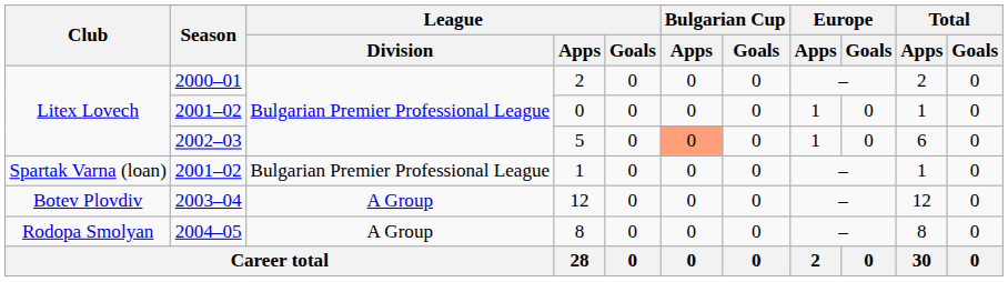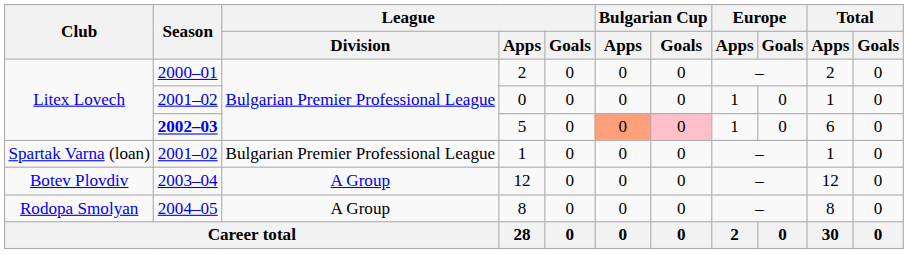 <table class="wikitable" style="text-align:center">
 <tr>
 <th rowspan="2">Club</th>
 <th rowspan="2">Season</th>
 <th colspan="3">League</th>
 <th colspan="2">Bulgarian Cup</th>
 <th colspan="2">Europe</th>
 <th colspan="2">Total</th>
 </tr>
 <tr>
 <th>Division</th>
 <th>Apps</th>
 <th>Goals</th>
 <th>Apps</th>
 <th>Goals</th>
 <th>Apps</th>
 <th>Goals</th>
 <th>Apps</th>
 <th>Goals</th>
 </tr>
 <tr>
 <td rowspan="3"><a href='#'>Litex Lovech</a></td>
 <td><a href='#'>2000–01</a></td>
 <td rowspan="3"><a href='#'>Bulgarian Premier Professional League</a></td>
 <td>2</td>
 <td>0</td>
 <td>0</td>
 <td>0</td>
 <td colspan="2">–</td>
 <td>2</td>
 <td>0</td>
 </tr>
 <tr>
 <td><a href='#'>2001–02</a></td>
 <td>0</td>
 <td>0</td>
 <td>0</td>
 <td>0</td>
 <td>1</td>
 <td>0</td>
 <td>1</td>
 <td>0</td>
 </tr>
 <tr>
-<td><a href='#'>2002–03</a></td>
+<td><strong><a href='#'>2002–03</a></strong></td>
 <td>5</td>
 <td>0</td>
 <td style="background: lightsalmon;">0</td>
-<td>0</td>
+<td style="background: pink;">0</td>
 <td>1</td>
 <td>0</td>
 <td>6</td>
 <td>0</td>
 </tr>
 <tr>
 <td><a href='#'>Spartak Varna</a> (loan)</td>
 <td><a href='#'>2001–02</a></td>
 <td>Bulgarian Premier Professional League</td>
 <td>1</td>
 <td>0</td>
 <td>0</td>
 <td>0</td>
 <td colspan="2">–</td>
 <td>1</td>
 <td>0</td>
 </tr>
 <tr>
 <td><a href='#'>Botev Plovdiv</a></td>
 <td><a href='#'>2003–04</a></td>
 <td><a href='#'>A Group</a></td>
 <td>12</td>
 <td>0</td>
 <td>0</td>
 <td>0</td>
 <td colspan="2">–</td>
 <td>12</td>
 <td>0</td>
 </tr>
 <tr>
 <td><a href='#'>Rodopa Smolyan</a></td>
 <td><a href='#'>2004–05</a></td>
 <td>A Group</td>
 <td>8</td>
 <td>0</td>
 <td>0</td>
 <td>0</td>
 <td colspan="2">–</td>
 <td>8</td>
 <td>0</td>
 </tr>
 <tr>
 <th colspan="3">Career total</th>
 <th>28</th>
 <th>0</th>
 <th>0</th>
 <th>0</th>
 <th>2</th>
 <th>0</th>
 <th>30</th>
 <th>0</th>
 </tr>
 </table>
